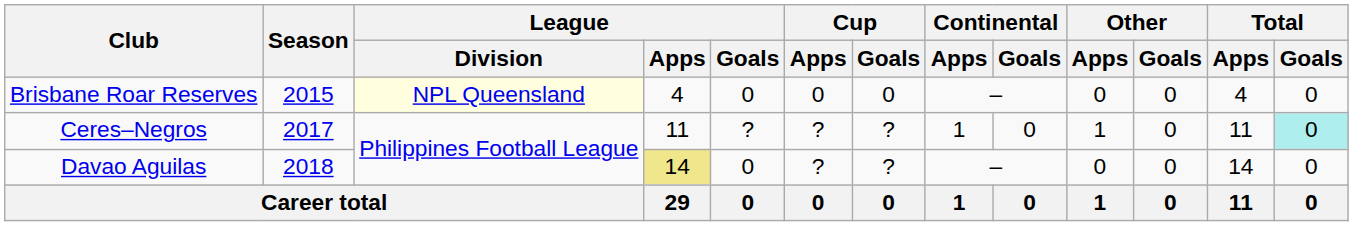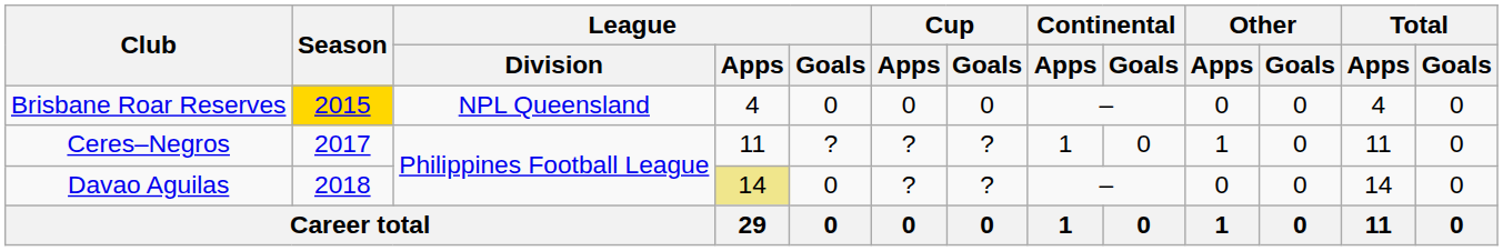 <table class="wikitable" style="text-align: center">
 <tr>
 <th rowspan="2">Club</th>
 <th rowspan="2">Season</th>
 <th colspan="3">League</th>
 <th colspan="2">Cup</th>
 <th colspan="2">Continental</th>
 <th colspan="2">Other</th>
 <th colspan="2">Total</th>
 </tr>
 <tr>
 <th>Division</th>
 <th>Apps</th>
 <th>Goals</th>
 <th>Apps</th>
 <th>Goals</th>
 <th>Apps</th>
 <th>Goals</th>
 <th>Apps</th>
 <th>Goals</th>
 <th>Apps</th>
 <th>Goals</th>
 </tr>
 <tr>
 <td><a href='#'>Brisbane Roar Reserves</a></td>
-<td><a href='#'>2015</a></td>
-<td style="background: lightyellow;"><a href='#'>NPL Queensland</a></td>
+<td style="background: gold;"><a href='#'>2015</a></td>
+<td><a href='#'>NPL Queensland</a></td>
 <td>4</td>
 <td>0</td>
 <td>0</td>
 <td>0</td>
 <td colspan="2">–</td>
 <td>0</td>
 <td>0</td>
 <td>4</td>
 <td>0</td>
 </tr>
 <tr>
 <td><a href='#'>Ceres–Negros</a></td>
 <td><a href='#'>2017</a></td>
 <td rowspan="2"><a href='#'>Philippines Football League</a></td>
 <td>11</td>
 <td>?</td>
 <td>?</td>
 <td>?</td>
 <td>1</td>
 <td>0</td>
 <td>1</td>
 <td>0</td>
 <td>11</td>
-<td style="background: paleturquoise;">0</td>
+<td>0</td>
 </tr>
 <tr>
 <td><a href='#'>Davao Aguilas</a></td>
 <td><a href='#'>2018</a></td>
 <td style="background: khaki;">14</td>
 <td>0</td>
 <td>?</td>
 <td>?</td>
 <td colspan="2">–</td>
 <td>0</td>
 <td>0</td>
 <td>14</td>
 <td>0</td>
 </tr>
 <tr>
 <th colspan="3"><strong>Career total</strong></th>
 <th>29</th>
 <th>0</th>
 <th>0</th>
 <th>0</th>
 <th>1</th>
 <th>0</th>
 <th>1</th>
 <th>0</th>
 <th>11</th>
 <th>0</th>
 </tr>
 </table>
